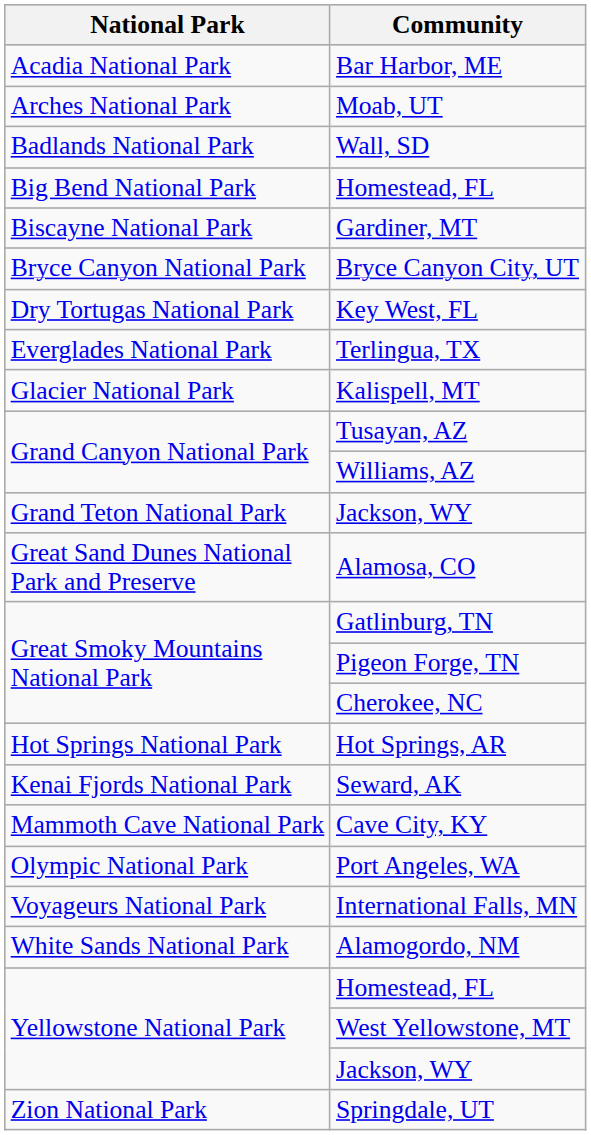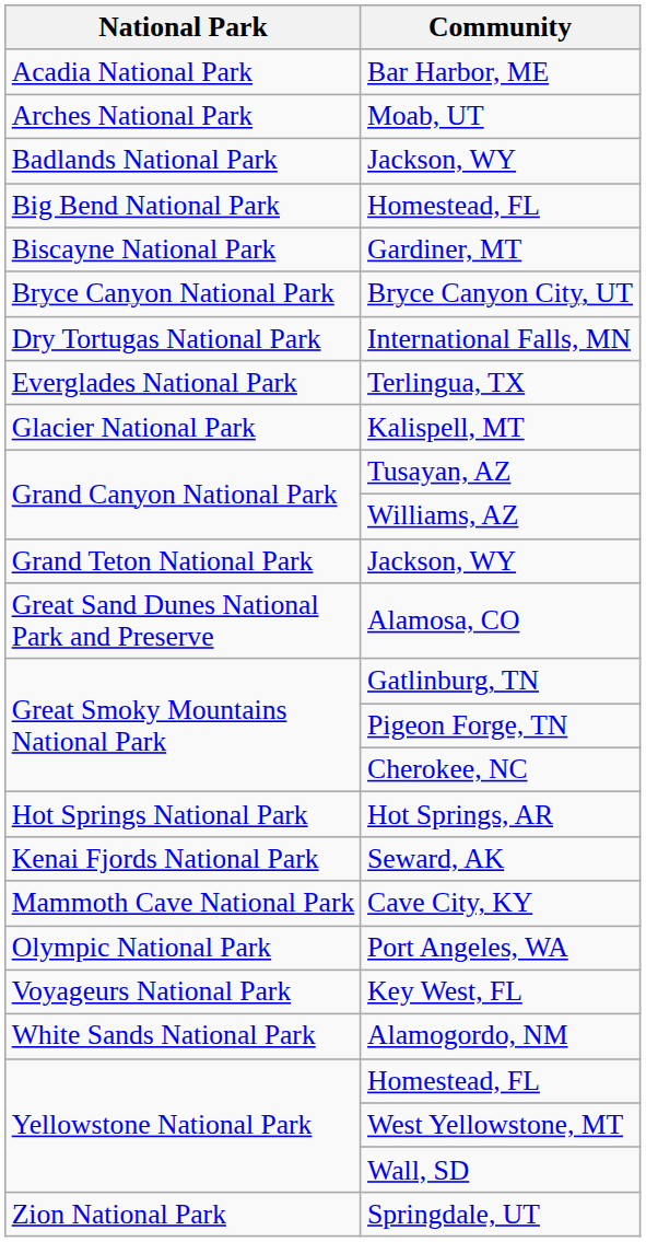 <table class="wikitable sortable">
 <tr>
 <th>National Park</th>
 <th>Community</th>
 </tr>
 <tr>
 <td><a href='#'>Acadia National Park</a></td>
 <td><a href='#'>Bar Harbor, ME</a></td>
 </tr>
 <tr>
 <td><a href='#'>Arches National Park</a></td>
 <td><a href='#'>Moab, UT</a></td>
 </tr>
 <tr>
 <td><a href='#'>Badlands National Park</a></td>
-<td><a href='#'>Wall, SD</a></td>
+<td><a href='#'>Jackson, WY</a></td>
 </tr>
 <tr>
 <td><a href='#'>Big Bend National Park</a></td>
 <td><a href='#'>Homestead, FL</a></td>
 </tr>
 <tr>
 <td><a href='#'>Biscayne National Park</a></td>
 <td><a href='#'>Gardiner, MT</a></td>
 </tr>
 <tr>
 <td><a href='#'>Bryce Canyon National Park</a></td>
 <td><a href='#'>Bryce Canyon City, UT</a></td>
 </tr>
 <tr>
 <td><a href='#'>Dry Tortugas National Park</a></td>
-<td><a href='#'>Key West, FL</a></td>
+<td><a href='#'>International Falls, MN</a></td>
 </tr>
 <tr>
 <td><a href='#'>Everglades National Park</a></td>
 <td><a href='#'>Terlingua, TX</a></td>
 </tr>
 <tr>
 <td><a href='#'>Glacier National Park</a></td>
 <td><a href='#'>Kalispell, MT</a></td>
 </tr>
 <tr>
 <td rowspan="2"><a href='#'>Grand Canyon National Park</a></td>
 <td><a href='#'>Tusayan, AZ</a></td>
 </tr>
 <tr>
 <td><a href='#'>Williams, AZ</a></td>
 </tr>
 <tr>
 <td><a href='#'>Grand Teton National Park</a></td>
 <td><a href='#'>Jackson, WY</a></td>
 </tr>
 <tr>
 <td><a href='#'>Great Sand Dunes National<br>Park and Preserve</a></td>
 <td><a href='#'>Alamosa, CO</a></td>
 </tr>
 <tr>
 <td rowspan="3"><a href='#'>Great Smoky Mountains<br>National Park</a></td>
 <td><a href='#'>Gatlinburg, TN</a></td>
 </tr>
 <tr>
 <td><a href='#'>Pigeon Forge, TN</a></td>
 </tr>
 <tr>
 <td><a href='#'>Cherokee, NC</a></td>
 </tr>
 <tr>
 <td><a href='#'>Hot Springs National Park</a></td>
 <td><a href='#'>Hot Springs, AR</a></td>
 </tr>
 <tr>
 <td><a href='#'>Kenai Fjords National Park</a></td>
 <td><a href='#'>Seward, AK</a></td>
 </tr>
 <tr>
 <td><a href='#'>Mammoth Cave National Park</a></td>
 <td><a href='#'>Cave City, KY</a></td>
 </tr>
 <tr>
 <td><a href='#'>Olympic National Park</a></td>
 <td><a href='#'>Port Angeles, WA</a></td>
 </tr>
 <tr>
 <td><a href='#'>Voyageurs National Park</a></td>
-<td><a href='#'>International Falls, MN</a></td>
+<td><a href='#'>Key West, FL</a></td>
 </tr>
 <tr>
 <td><a href='#'>White Sands National Park</a></td>
 <td><a href='#'>Alamogordo, NM</a></td>
 </tr>
 <tr>
 <td rowspan="3"><a href='#'>Yellowstone National Park</a></td>
 <td><a href='#'>Homestead, FL</a></td>
 </tr>
 <tr>
 <td><a href='#'>West Yellowstone, MT</a></td>
 </tr>
 <tr>
-<td><a href='#'>Jackson, WY</a></td>
+<td><a href='#'>Wall, SD</a></td>
 </tr>
 <tr>
 <td><a href='#'>Zion National Park</a></td>
 <td><a href='#'>Springdale, UT</a></td>
 </tr>
 </table>
